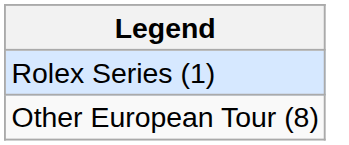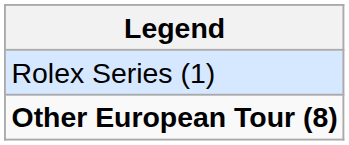 <table class="wikitable" style="font-size:95%;">
 <tr>
 <th>Legend</th>
 </tr>
 <tr style="background:#D6E8FF;">
 <td>Rolex Series (1)</td>
 </tr>
 <tr>
-<td>Other European Tour (8)</td>
+<td><strong>Other European Tour (8)</strong></td>
 </tr>
 </table>
